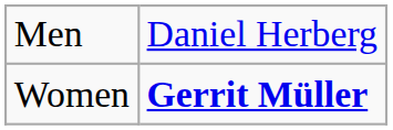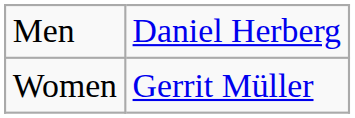 <table class="wikitable">
 <tr>
 <td>Men</td>
 <td> <a href='#'>Daniel Herberg</a></td>
 </tr>
 <tr>
 <td>Women</td>
-<td><strong> <a href='#'>Gerrit Müller</a></strong></td>
+<td> <a href='#'>Gerrit Müller</a></td>
 </tr>
 </table>
